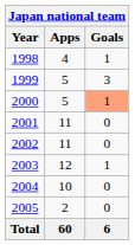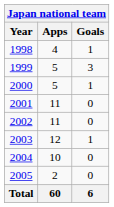 <table class="wikitable" style="text-align:center">
 <tr>
 <th colspan=3><a href='#'>Japan national team</a></th>
 </tr>
 <tr>
 <th>Year</th>
 <th>Apps</th>
 <th>Goals</th>
 </tr>
 <tr>
 <td><a href='#'>1998</a></td>
 <td>4</td>
 <td>1</td>
 </tr>
 <tr>
 <td><a href='#'>1999</a></td>
 <td>5</td>
 <td>3</td>
 </tr>
 <tr>
 <td><a href='#'>2000</a></td>
 <td>5</td>
-<td style="background: lightsalmon;">1</td>
+<td>1</td>
 </tr>
 <tr>
 <td><a href='#'>2001</a></td>
 <td>11</td>
 <td>0</td>
 </tr>
 <tr>
 <td><a href='#'>2002</a></td>
 <td>11</td>
 <td>0</td>
 </tr>
 <tr>
 <td><a href='#'>2003</a></td>
 <td>12</td>
 <td>1</td>
 </tr>
 <tr>
 <td><a href='#'>2004</a></td>
 <td>10</td>
 <td>0</td>
 </tr>
 <tr>
 <td><a href='#'>2005</a></td>
 <td>2</td>
 <td>0</td>
 </tr>
 <tr>
 <th>Total</th>
 <th>60</th>
 <th>6</th>
 </tr>
 </table>
